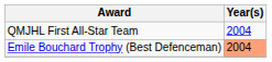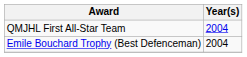 <table class="wikitable">
 <tr>
 <th>Award</th>
 <th>Year(s)</th>
 </tr>
 <tr>
 <td>QMJHL First All-Star Team</td>
 <td><a href='#'>2004</a></td>
 </tr>
 <tr>
 <td><a href='#'>Emile Bouchard Trophy</a> (Best Defenceman)</td>
-<td style="background: lightsalmon;">2004</td>
+<td>2004</td>
 </tr>
 <tr>
 </tr>
 </table>
